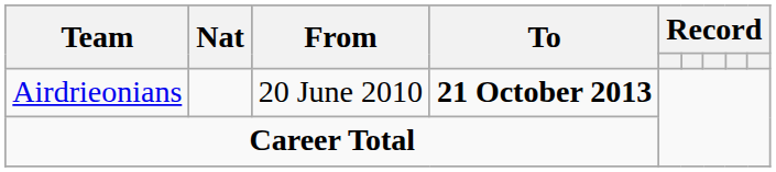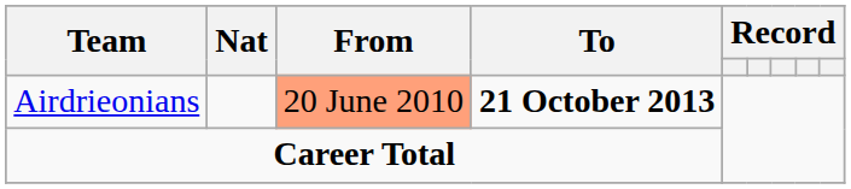 <table class="wikitable" style="text-align: center">
 <tr>
 <th rowspan="2">Team</th>
 <th rowspan="2">Nat</th>
 <th rowspan="2">From</th>
 <th rowspan="2">To</th>
 <th colspan=5>Record</th>
 </tr>
 <tr>
 <th></th>
 <th></th>
 <th></th>
 <th></th>
 <th></th>
 </tr>
 <tr>
 <td align=left><a href='#'>Airdrieonians</a></td>
 <td></td>
-<td align=left>20 June 2010</td>
+<td align=left style="background: lightsalmon;">20 June 2010</td>
 <td align=left><strong>21 October 2013<br></strong></td>
 </tr>
 <tr>
 <td colspan=4><strong>Career Total</strong><br></td>
 </tr>
 </table>
